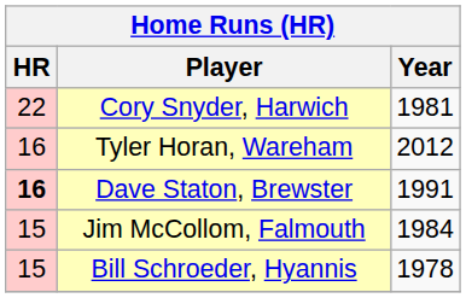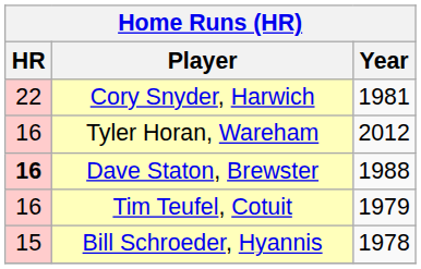 <table class="wikitable" style="display: inline-table; margin-right: 20px; text-align:center">
 <tr>
 <th colspan="3"><a href='#'>Home Runs (HR)</a></th>
 </tr>
 <tr>
 <th scope="col" style="width: 25px;">HR</th>
 <th scope="col" style="width: 200px;">Player</th>
 <th scope="col" style="width: 25px;">Year</th>
 </tr>
 <tr>
 <td bgcolor=#ffcccc>22</td>
 <td !scope="row" style="background:#ffb;"><a href='#'>Cory Snyder</a>, <a href='#'>Harwich</a></td>
 <td>1981</td>
 </tr>
 <tr>
 <td bgcolor=#ffcccc>16</td>
 <td !scope="row" style="background:#ffb;">Tyler Horan, <a href='#'>Wareham</a></td>
 <td>2012</td>
 </tr>
 <tr>
 <td bgcolor=#ffcccc><strong>16</strong></td>
 <td !scope="row" style="background:#ffb;"><a href='#'>Dave Staton</a>, <a href='#'>Brewster</a></td>
-<td>1991</td>
+<td>1988</td>
 </tr>
 <tr>
-<td bgcolor=#ffcccc>15</td>
-<td !scope="row" style="background:#ffb;">Jim McCollom, <a href='#'>Falmouth</a></td>
-<td>1984</td>
+<td bgcolor=#ffcccc>16</td>
+<td !scope="row" style="background:#ffb;"><a href='#'>Tim Teufel</a>, <a href='#'>Cotuit</a></td>
+<td>1979</td>
 </tr>
 <tr>
 <td bgcolor=#ffcccc>15</td>
 <td !scope="row" style="background:#ffb;"><a href='#'>Bill Schroeder</a>, <a href='#'>Hyannis</a></td>
 <td>1978</td>
 </tr>
 <tr>
 </tr>
 </table>
